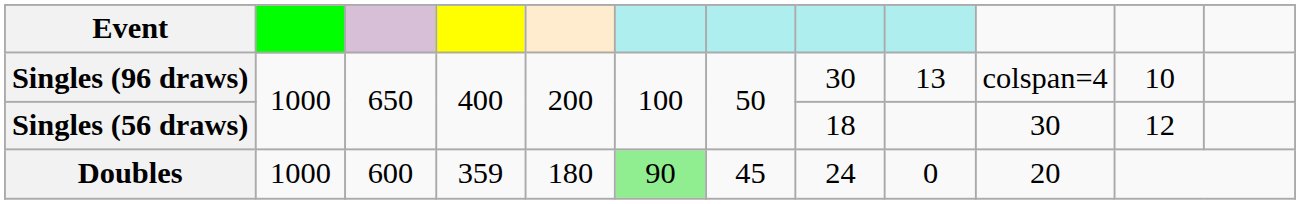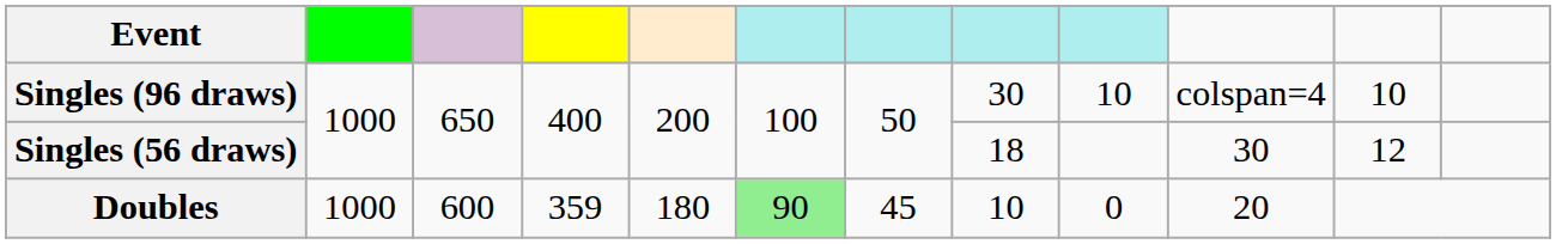 <table class="wikitable" style="text-align: center;">
 <tr>
 <th scope="col">Event</th>
 <td style="width:2.5em; background:lime;"></td>
 <td style="width:2.5em; background:thistle;"></td>
 <td style="width:2.5em; background:#ff0;"></td>
 <td style="width:2.5em; background:#ffebcd;"></td>
 <td style="width:2.5em; background:#afeeee;"></td>
 <td style="width:2.5em; background:#afeeee;"></td>
 <td style="width:2.5em; background:#afeeee;"></td>
 <td style="width:2.5em; background:#afeeee;"></td>
 <td style="width:2.5em;"></td>
 <td style="width:2.5em;"></td>
 <td style="width:2.5em;"></td>
 </tr>
 <tr>
 <th scope="row">Singles (96 draws)</th>
 <td rowspan="2">1000</td>
 <td rowspan="2">650</td>
 <td rowspan="2">400</td>
 <td rowspan="2">200</td>
 <td rowspan="2">100</td>
 <td rowspan="2">50</td>
 <td>30</td>
-<td>13</td>
+<td>10</td>
 <td>colspan=4 </td>
 <td>10</td>
 <td></td>
 </tr>
 <tr>
 <th scope="row">Singles (56 draws)</th>
 <td>18</td>
 <td></td>
 <td>30</td>
 <td>12</td>
 <td></td>
 </tr>
 <tr>
 <th scope="row">Doubles</th>
 <td>1000</td>
 <td>600</td>
 <td>359</td>
 <td>180</td>
 <td style="background: lightgreen;">90</td>
 <td>45</td>
-<td>24</td>
+<td>10</td>
 <td>0</td>
 <td>20</td>
 </tr>
 </table>
